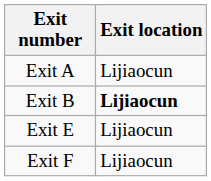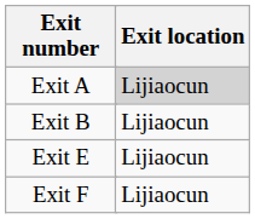 <table class="wikitable">
 <tr>
 <th style="width:70px" colspan="2">Exit number</th>
 <th>Exit location</th>
 </tr>
 <tr>
 <td align="center" colspan="2">Exit A</td>
-<td>Lijiaocun</td>
+<td style="background: lightgrey;">Lijiaocun</td>
 </tr>
 <tr>
 <td align="center" colspan="2">Exit B</td>
-<td><strong>Lijiaocun</strong></td>
+<td>Lijiaocun</td>
 </tr>
 <tr>
 <td align="center" colspan="2">Exit E</td>
 <td>Lijiaocun</td>
 </tr>
 <tr>
 <td align="center" colspan="2">Exit F</td>
 <td>Lijiaocun</td>
 </tr>
 </table>
